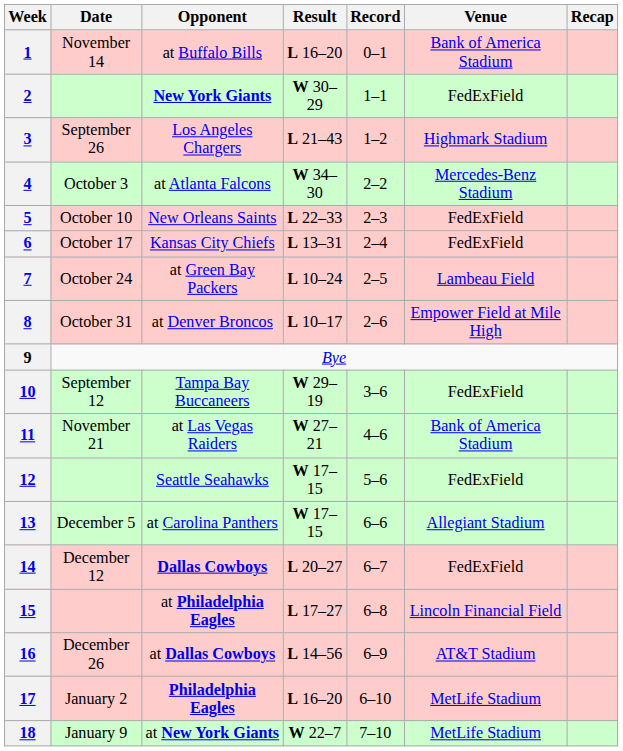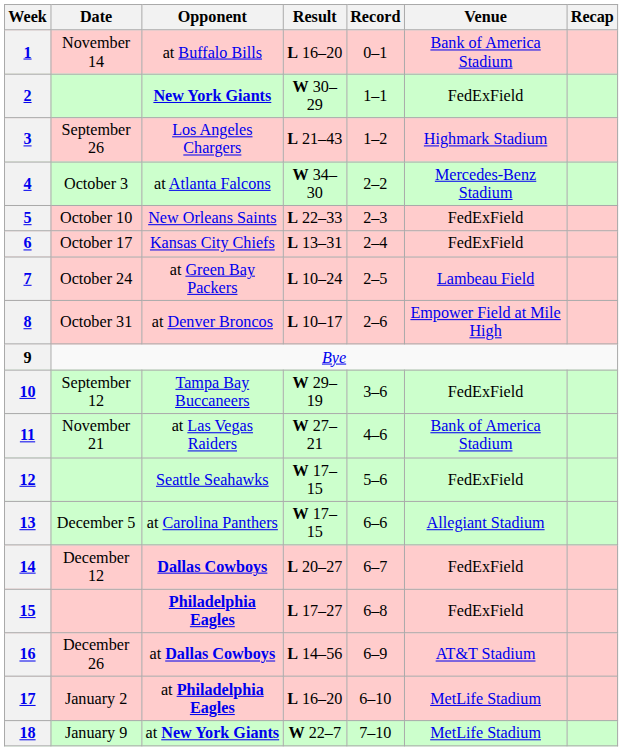 <table class="wikitable" style="text-align:center">
 <tr>
 <th>Week</th>
 <th>Date</th>
 <th>Opponent</th>
 <th>Result</th>
 <th>Record</th>
 <th>Venue</th>
 <th>Recap</th>
 </tr>
 <tr style="background:#fcc">
 <th><a href='#'>1</a></th>
 <td>November 14</td>
 <td>at <a href='#'>Buffalo Bills</a></td>
 <td><strong>L</strong> 16–20</td>
 <td>0–1</td>
 <td><a href='#'>Bank of America Stadium</a></td>
 <td></td>
 </tr>
 <tr style="background:#cfc">
 <th><a href='#'>2</a></th>
 <td></td>
 <td><strong><a href='#'>New York Giants</a></strong></td>
 <td><strong>W</strong> 30–29</td>
 <td>1–1</td>
 <td>FedExField</td>
 <td></td>
 </tr>
 <tr style="background:#fcc">
 <th><a href='#'>3</a></th>
 <td>September 26</td>
 <td><a href='#'>Los Angeles Chargers</a></td>
 <td><strong>L</strong> 21–43</td>
 <td>1–2</td>
 <td><a href='#'>Highmark Stadium</a></td>
 <td></td>
 </tr>
 <tr style="background:#cfc">
 <th><a href='#'>4</a></th>
 <td>October 3</td>
 <td>at <a href='#'>Atlanta Falcons</a></td>
 <td><strong>W</strong> 34–30</td>
 <td>2–2</td>
 <td><a href='#'>Mercedes-Benz Stadium</a></td>
 <td></td>
 </tr>
 <tr style="background:#fcc">
 <th><a href='#'>5</a></th>
 <td>October 10</td>
 <td><a href='#'>New Orleans Saints</a></td>
 <td><strong>L</strong> 22–33</td>
 <td>2–3</td>
 <td>FedExField</td>
 <td></td>
 </tr>
 <tr style="background:#fcc">
 <th><a href='#'>6</a></th>
 <td>October 17</td>
 <td><a href='#'>Kansas City Chiefs</a></td>
 <td><strong>L</strong> 13–31</td>
 <td>2–4</td>
 <td>FedExField</td>
 <td></td>
 </tr>
 <tr style="background:#fcc">
 <th><a href='#'>7</a></th>
 <td>October 24</td>
 <td>at <a href='#'>Green Bay Packers</a></td>
 <td><strong>L</strong> 10–24</td>
 <td>2–5</td>
 <td><a href='#'>Lambeau Field</a></td>
 <td></td>
 </tr>
 <tr style="background:#fcc">
 <th><a href='#'>8</a></th>
 <td>October 31</td>
 <td>at <a href='#'>Denver Broncos</a></td>
 <td><strong>L</strong> 10–17</td>
 <td>2–6</td>
 <td><a href='#'>Empower Field at Mile High</a></td>
 <td></td>
 </tr>
 <tr>
 <th>9</th>
 <td colspan="6"><em><a href='#'>Bye</a></em></td>
 </tr>
 <tr style="background:#cfc">
 <th><a href='#'>10</a></th>
 <td>September 12</td>
 <td><a href='#'>Tampa Bay Buccaneers</a></td>
 <td><strong>W</strong> 29–19</td>
 <td>3–6</td>
 <td>FedExField</td>
 <td></td>
 </tr>
 <tr style="background:#cfc">
 <th><a href='#'>11</a></th>
 <td>November 21</td>
 <td>at <a href='#'>Las Vegas Raiders</a></td>
 <td><strong>W</strong> 27–21</td>
 <td>4–6</td>
 <td><a href='#'>Bank of America Stadium</a></td>
 <td></td>
 </tr>
 <tr style="background:#cfc">
 <th><a href='#'>12</a></th>
 <td></td>
 <td><a href='#'>Seattle Seahawks</a></td>
 <td><strong>W</strong> 17–15</td>
 <td>5–6</td>
 <td>FedExField</td>
 <td></td>
 </tr>
 <tr style="background:#cfc">
 <th><a href='#'>13</a></th>
 <td>December 5</td>
 <td>at <a href='#'>Carolina Panthers</a></td>
 <td><strong>W</strong> 17–15</td>
 <td>6–6</td>
 <td><a href='#'>Allegiant Stadium</a></td>
 <td></td>
 </tr>
 <tr style="background:#fcc">
 <th><a href='#'>14</a></th>
 <td>December 12</td>
 <td><strong><a href='#'>Dallas Cowboys</a></strong></td>
 <td><strong>L</strong> 20–27</td>
 <td>6–7</td>
 <td>FedExField</td>
 <td></td>
 </tr>
 <tr style="background:#fcc">
 <th><a href='#'>15</a></th>
 <td></td>
-<td>at <strong><a href='#'>Philadelphia Eagles</a></strong></td>
+<td><strong><a href='#'>Philadelphia Eagles</a></strong></td>
 <td><strong>L</strong> 17–27</td>
 <td>6–8</td>
-<td><a href='#'>Lincoln Financial Field</a></td>
+<td>FedExField</td>
 <td></td>
 </tr>
 <tr style="background:#fcc">
 <th><a href='#'>16</a></th>
 <td>December 26</td>
 <td>at <strong><a href='#'>Dallas Cowboys</a></strong></td>
 <td><strong>L</strong> 14–56</td>
 <td>6–9</td>
 <td><a href='#'>AT&T Stadium</a></td>
 <td></td>
 </tr>
 <tr style="background:#fcc">
 <th><a href='#'>17</a></th>
 <td>January 2</td>
-<td><strong><a href='#'>Philadelphia Eagles</a></strong></td>
+<td>at <strong><a href='#'>Philadelphia Eagles</a></strong></td>
 <td><strong>L</strong> 16–20</td>
 <td>6–10</td>
 <td><a href='#'>MetLife Stadium</a></td>
 <td></td>
 </tr>
 <tr style="background:#cfc">
 <th><a href='#'>18</a></th>
 <td>January 9</td>
 <td>at <strong><a href='#'>New York Giants</a></strong></td>
 <td><strong>W</strong> 22–7</td>
 <td>7–10</td>
 <td><a href='#'>MetLife Stadium</a></td>
 <td></td>
 </tr>
 </table>
